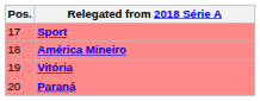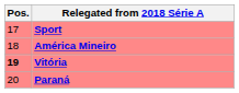 <table class="wikitable">
 <tr>
 <th style="text-align:center;">Pos.</th>
 <th width=300>Relegated from <a href='#'>2018 Série A</a></th>
 </tr>
 <tr style="background: #FF8888;">
 <td>17</td>
 <td><strong><a href='#'>Sport</a></strong></td>
 </tr>
 <tr style="background: #FF8888;">
 <td>18</td>
 <td><strong><a href='#'>América Mineiro</a></strong></td>
 </tr>
 <tr style="background: #FF8888;">
-<td>19</td>
+<td><strong>19</strong></td>
 <td><strong><a href='#'>Vitória</a></strong></td>
 </tr>
 <tr style="background: #FF8888;">
 <td>20</td>
 <td><strong><a href='#'>Paraná</a></strong></td>
 </tr>
 </table>
